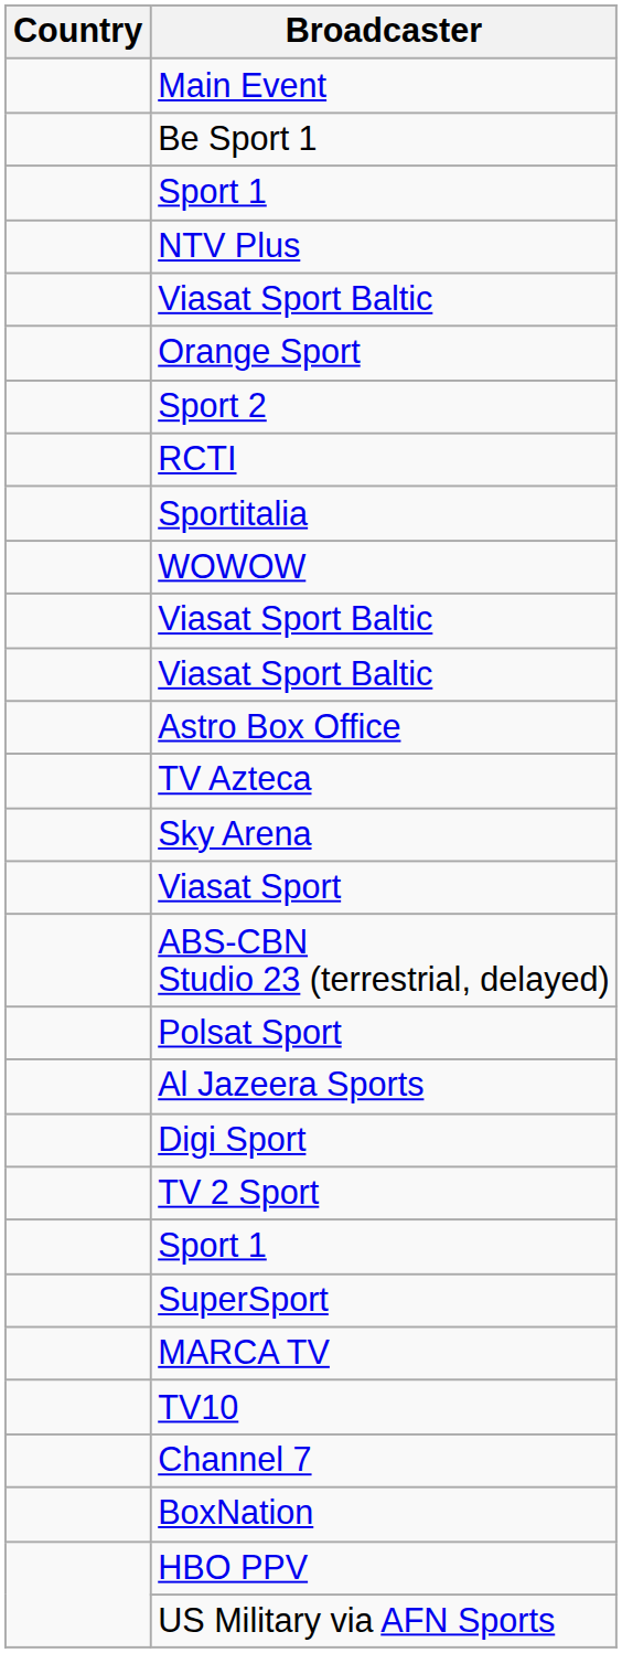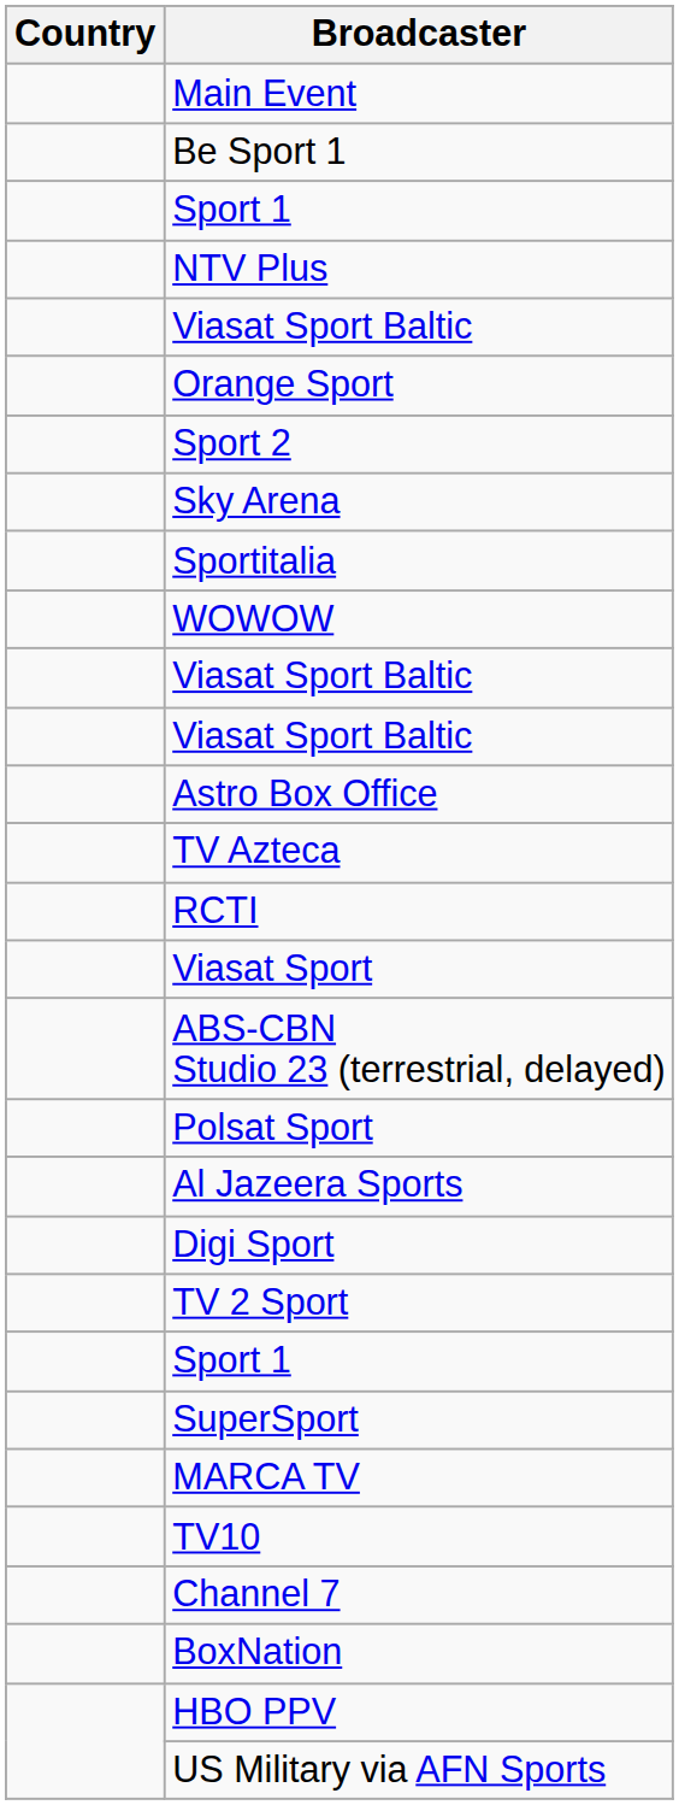 <table class="wikitable collapsible collapsed">
 <tr>
 <th align=center>Country</th>
 <th align=center>Broadcaster</th>
 </tr>
 <tr>
 <td></td>
 <td><a href='#'>Main Event</a></td>
 </tr>
 <tr>
 <td></td>
 <td>Be Sport 1</td>
 </tr>
 <tr>
 <td></td>
 <td><a href='#'>Sport 1</a></td>
 </tr>
 <tr>
 <td></td>
 <td><a href='#'>NTV Plus</a></td>
 </tr>
 <tr>
 <td></td>
 <td><a href='#'>Viasat Sport Baltic</a></td>
 </tr>
 <tr>
 <td></td>
 <td><a href='#'>Orange Sport</a></td>
 </tr>
 <tr>
 <td></td>
 <td><a href='#'>Sport 2</a></td>
 </tr>
 <tr>
 <td></td>
-<td><a href='#'>RCTI</a></td>
+<td><a href='#'>Sky Arena</a></td>
 </tr>
 <tr>
 <td></td>
 <td><a href='#'>Sportitalia</a></td>
 </tr>
 <tr>
 <td></td>
 <td><a href='#'>WOWOW</a></td>
 </tr>
 <tr>
 <td></td>
 <td><a href='#'>Viasat Sport Baltic</a></td>
 </tr>
 <tr>
 <td></td>
 <td><a href='#'>Viasat Sport Baltic</a></td>
 </tr>
 <tr>
 <td></td>
 <td><a href='#'>Astro Box Office</a></td>
 </tr>
 <tr>
 <td></td>
 <td><a href='#'>TV Azteca</a></td>
 </tr>
 <tr>
 <td></td>
-<td><a href='#'>Sky Arena</a></td>
+<td><a href='#'>RCTI</a></td>
 </tr>
 <tr>
 <td></td>
 <td><a href='#'>Viasat Sport</a></td>
 </tr>
 <tr>
 <td></td>
 <td><a href='#'>ABS-CBN</a><br> <a href='#'>Studio 23</a> (terrestrial, delayed)</td>
 </tr>
 <tr>
 <td></td>
 <td><a href='#'>Polsat Sport</a></td>
 </tr>
 <tr>
 <td></td>
 <td><a href='#'>Al Jazeera Sports</a></td>
 </tr>
 <tr>
 <td></td>
 <td><a href='#'>Digi Sport</a></td>
 </tr>
 <tr>
 <td></td>
 <td><a href='#'>TV 2 Sport</a></td>
 </tr>
 <tr>
 <td></td>
 <td><a href='#'>Sport 1</a></td>
 </tr>
 <tr>
 <td></td>
 <td><a href='#'>SuperSport</a></td>
 </tr>
 <tr>
 <td></td>
 <td><a href='#'>MARCA TV</a></td>
 </tr>
 <tr>
 <td></td>
 <td><a href='#'>TV10</a></td>
 </tr>
 <tr>
 <td></td>
 <td><a href='#'>Channel 7</a></td>
 </tr>
 <tr>
 <td></td>
 <td><a href='#'>BoxNation</a></td>
 </tr>
 <tr>
 <td rowspan="2"></td>
 <td><a href='#'>HBO PPV</a></td>
 </tr>
 <tr>
 <td>US Military via <a href='#'>AFN Sports</a></td>
 </tr>
 </table>
